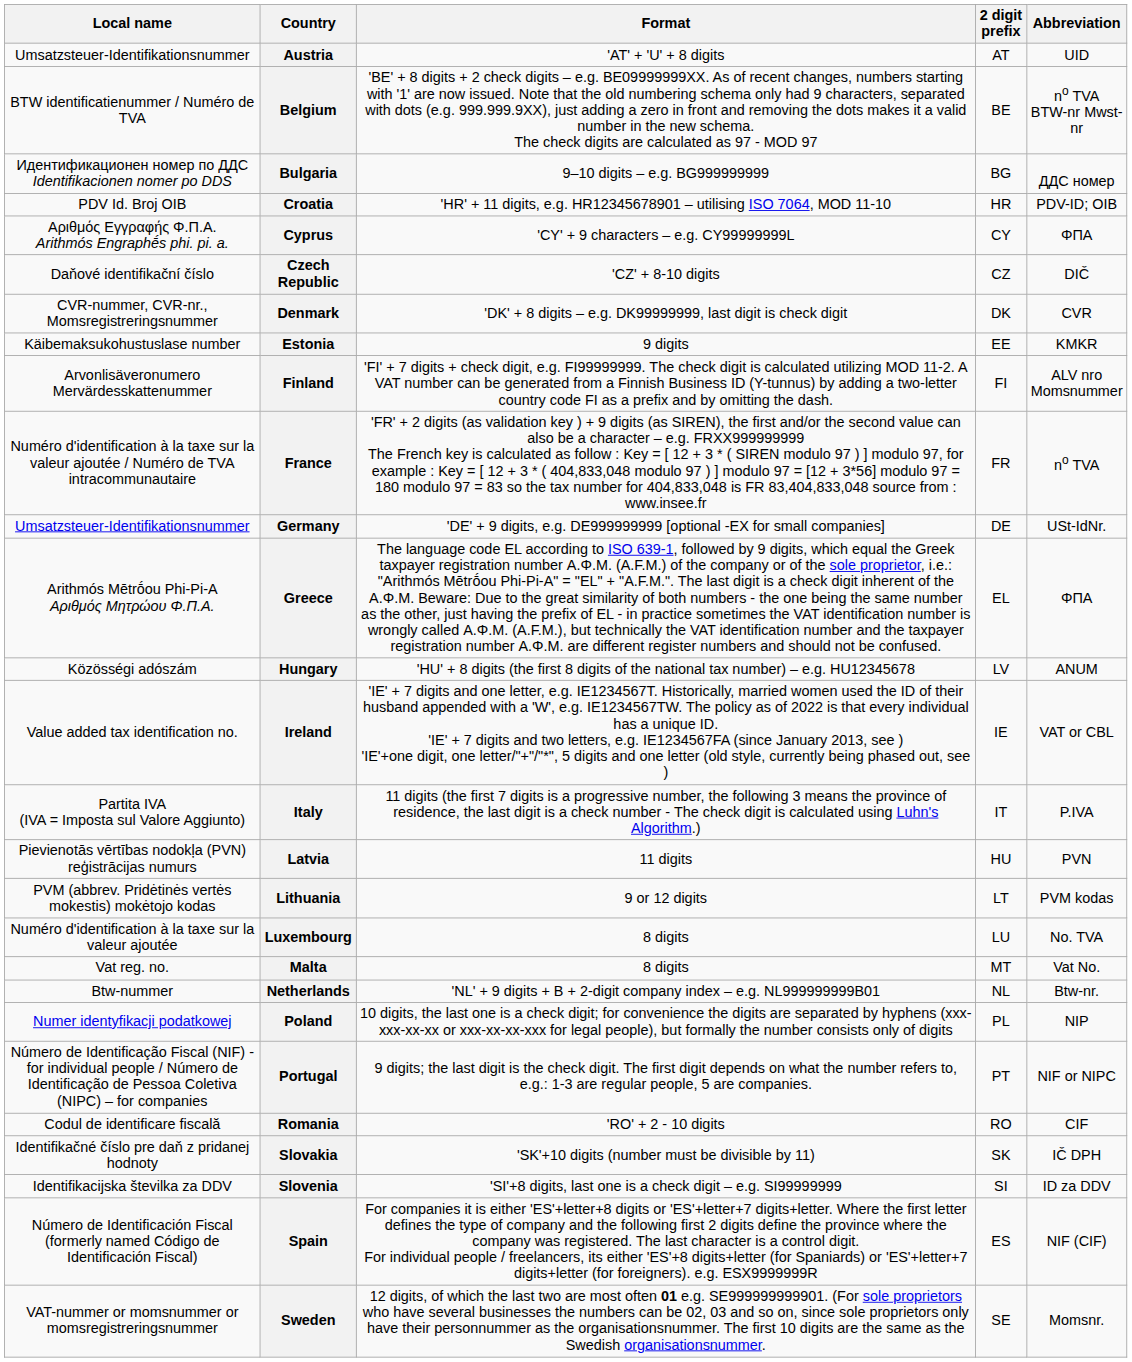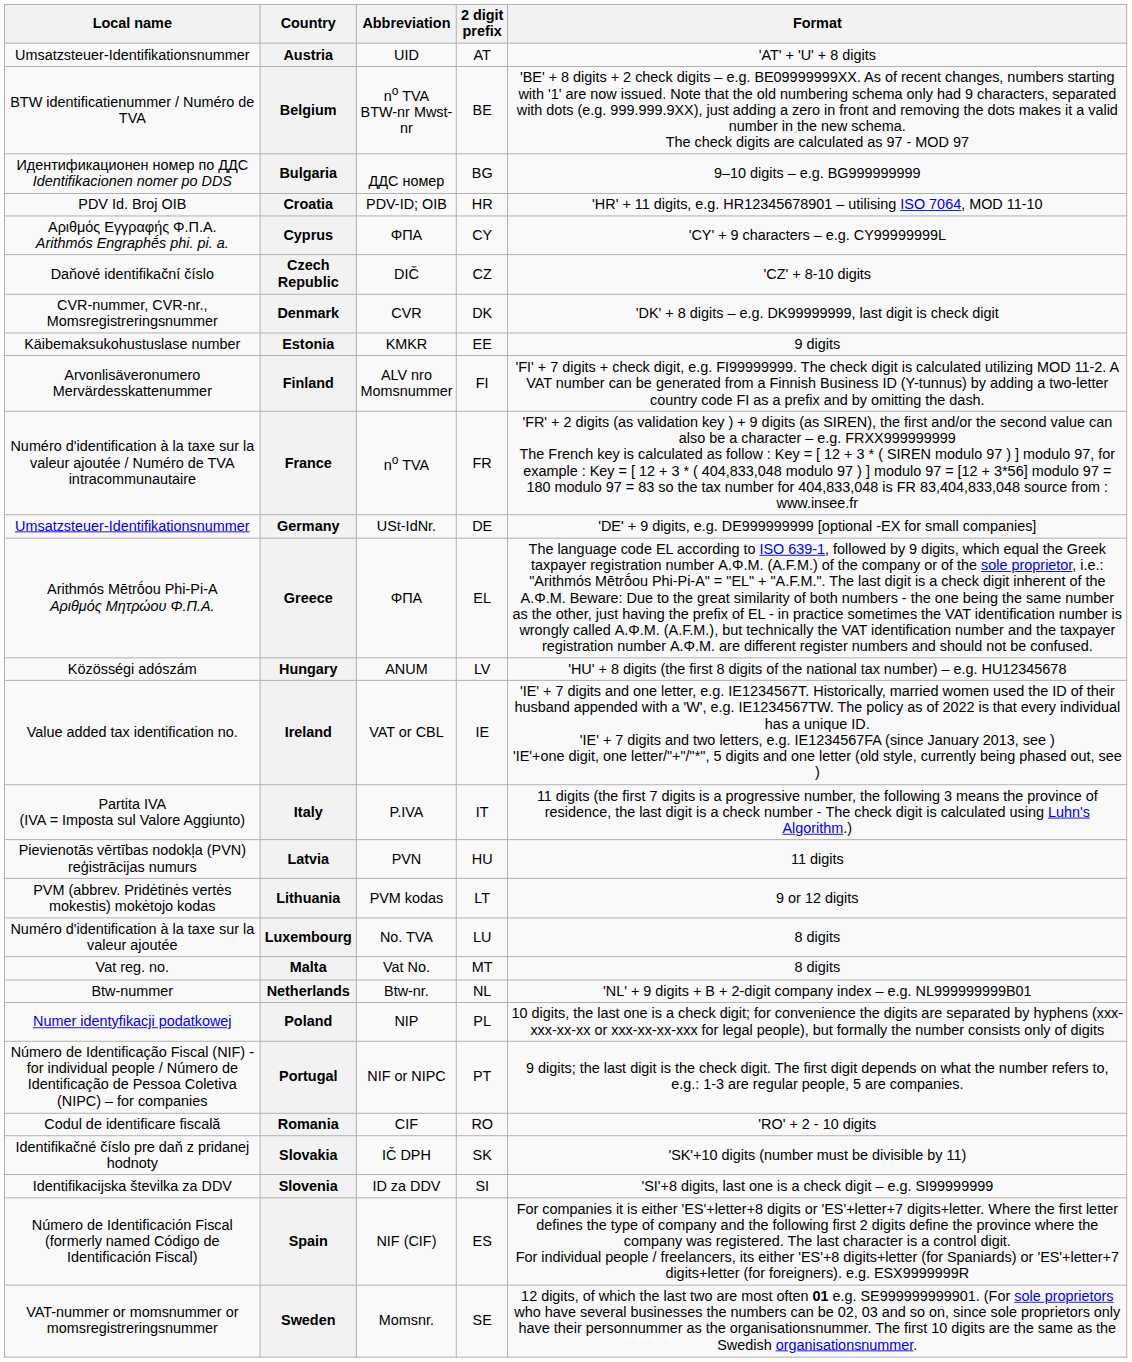 <table class="wikitable sortable" style="text-align: center;">
 <tr>
 <th>Local name</th>
 <th>Country</th>
+<th>Abbreviation</th>
+<th>2 digit prefix</th>
 <th class=unsortable>Format</th>
-<th>2 digit prefix</th>
-<th>Abbreviation</th>
 </tr>
 <tr>
 <td>Umsatzsteuer-Identifikationsnummer</td>
 <th>Austria</th>
+<td>UID</td>
+<td>AT</td>
 <td>'AT' + 'U' + 8 digits </td>
-<td>AT</td>
-<td>UID</td>
 </tr>
 <tr>
 <td>BTW identificatienummer / Numéro de TVA</td>
 <th>Belgium</th>
+<td>n<sup>o</sup> TVA<br>BTW-nr Mwst-nr</td>
+<td>BE</td>
 <td>'BE' + 8 digits + 2 check digits – e.g. BE09999999XX. As of recent changes, numbers starting with '1' are now issued. Note that the old numbering schema only had 9 characters, separated with dots (e.g. 999.999.9XX), just adding a zero in front and removing the dots makes it a valid number in the new schema.<br>The check digits are calculated as 97 - MOD 97</td>
-<td>BE</td>
-<td>n<sup>o</sup> TVA<br>BTW-nr Mwst-nr</td>
 </tr>
 <tr>
 <td>Идентификационен номер по ДДС<br><em>Identifikacionen nomer po DDS</em></td>
 <th>Bulgaria</th>
+<td><br>ДДС номер</td>
+<td>BG</td>
 <td>9–10 digits – e.g. BG999999999</td>
-<td>BG</td>
-<td><br>ДДС номер</td>
 </tr>
 <tr>
 <td>PDV Id. Broj OIB</td>
 <th>Croatia</th>
+<td>PDV-ID; OIB</td>
+<td>HR</td>
 <td>'HR' + 11 digits, e.g. HR12345678901 – utilising <a href='#'>ISO 7064</a>, MOD 11-10</td>
-<td>HR</td>
-<td>PDV-ID; OIB</td>
 </tr>
 <tr>
 <td>Αριθμός Εγγραφής Φ.Π.Α.<br><em>Arithmós Engraphḗs phi. pi. a.</em></td>
 <th>Cyprus</th>
+<td>ΦΠΑ</td>
+<td>CY</td>
 <td>'CY' + 9 characters – e.g. CY99999999L</td>
-<td>CY</td>
-<td>ΦΠΑ</td>
 </tr>
 <tr>
 <td>Daňové identifikační číslo</td>
 <th>Czech Republic</th>
+<td>DIČ</td>
+<td>CZ</td>
 <td>'CZ' + 8-10 digits</td>
-<td>CZ</td>
-<td>DIČ</td>
 </tr>
 <tr>
 <td>CVR-nummer, CVR-nr., Momsregistreringsnummer</td>
 <th>Denmark</th>
+<td>CVR</td>
+<td>DK</td>
 <td>'DK' + 8 digits – e.g. DK99999999, last digit is check digit</td>
-<td>DK</td>
-<td>CVR</td>
 </tr>
 <tr>
 <td>Käibemaksukohustuslase number</td>
 <th>Estonia</th>
+<td>KMKR</td>
+<td>EE</td>
 <td>9 digits</td>
-<td>EE</td>
-<td>KMKR</td>
 </tr>
 <tr>
 <td>Arvonlisäveronumero<br>Mervärdesskattenummer</td>
 <th>Finland</th>
+<td>ALV nro<br>Momsnummer</td>
+<td>FI</td>
 <td>'FI' + 7 digits + check digit, e.g. FI99999999. The check digit is calculated utilizing MOD 11-2. A VAT number can be generated from a Finnish Business ID (Y-tunnus) by adding a two-letter country code FI as a prefix and by omitting the dash.</td>
-<td>FI</td>
-<td>ALV nro<br>Momsnummer</td>
 </tr>
 <tr>
 <td>Numéro d'identification à la taxe sur la valeur ajoutée / Numéro de TVA intracommunautaire</td>
 <th>France</th>
+<td>n<sup>o</sup> TVA</td>
+<td>FR</td>
 <td>'FR' + 2 digits (as validation key ) + 9 digits (as SIREN), the first and/or the second value can also be a character – e.g. FRXX999999999<br>The French key is calculated as follow : Key = [ 12 + 3 * ( SIREN modulo 97 ) ] modulo 97,						 for example  :						 Key = [ 12 + 3 * ( 404,833,048 modulo 97 ) ] modulo 97 = [12 + 3*56] modulo 97 = 180 modulo 97 = 83 so the tax number for 404,833,048 is FR 83,404,833,048					 source from : www.insee.fr</td>
-<td>FR</td>
-<td>n<sup>o</sup> TVA</td>
 </tr>
 <tr>
 <td><a href='#'>Umsatzsteuer-Identifikationsnummer</a></td>
 <th>Germany</th>
+<td>USt-IdNr.</td>
+<td>DE</td>
 <td>'DE' + 9 digits, e.g. DE999999999 [optional -EX for small companies]</td>
-<td>DE</td>
-<td>USt-IdNr.</td>
 </tr>
 <tr>
 <td>Arithmós Mētrṓou Phi-Pi-A<br><em>Αριθμός Μητρώου Φ.Π.Α.</em></td>
 <th>Greece</th>
+<td>ΦΠΑ</td>
+<td>EL</td>
 <td>The language code EL according to <a href='#'>ISO 639-1</a>, followed by 9 digits, which equal the Greek taxpayer registration number Α.Φ.Μ. (A.F.M.) of the company or of the <a href='#'>sole proprietor</a>, i.e.: "Arithmós Mētrṓou Phi-Pi-A" = "EL" + "A.F.M.". The last digit is a check digit inherent of the Α.Φ.Μ. Beware: Due to the great similarity of both numbers - the one being the same number as the other, just having the prefix of EL - in practice sometimes the VAT identification number is wrongly called Α.Φ.Μ. (A.F.M.), but technically the VAT identification number and the taxpayer registration number Α.Φ.Μ. are different register numbers and should not be confused.</td>
-<td>EL</td>
-<td>ΦΠΑ</td>
 </tr>
 <tr>
 <td>Közösségi adószám</td>
 <th>Hungary</th>
+<td>ANUM</td>
+<td>LV</td>
 <td>'HU' + 8 digits (the first 8 digits of the national tax number) – e.g. HU12345678</td>
-<td>LV</td>
-<td>ANUM</td>
 </tr>
 <tr>
 <td>Value added tax identification no.</td>
 <th>Ireland</th>
+<td>VAT or CBL</td>
+<td>IE</td>
 <td>'IE' + 7 digits and one letter, e.g. IE1234567T. Historically, married women used the ID of their husband appended with a 'W', e.g. IE1234567TW. The policy as of 2022 is that every individual has a unique ID.<br>'IE' + 7 digits and two letters, e.g. IE1234567FA (since January 2013, see )<br> 'IE'+one digit, one letter/"+"/"*", 5 digits and one letter (old style, currently being phased out, see )</td>
-<td>IE</td>
-<td>VAT or CBL</td>
 </tr>
 <tr>
 <td>Partita IVA<br>(IVA = Imposta sul Valore Aggiunto)</td>
 <th>Italy</th>
+<td>P.IVA</td>
+<td>IT</td>
 <td>11 digits (the first 7 digits is a progressive number, the following 3 means the province of residence, the last digit is a check number - The check digit is calculated using <a href='#'>Luhn's Algorithm</a>.) </td>
-<td>IT</td>
-<td>P.IVA</td>
 </tr>
 <tr>
 <td>Pievienotās vērtības nodokļa (PVN) reģistrācijas numurs</td>
 <th>Latvia</th>
+<td>PVN</td>
+<td>HU</td>
 <td>11 digits</td>
-<td>HU</td>
-<td>PVN</td>
 </tr>
 <tr>
 <td>PVM (abbrev. Pridėtinės vertės mokestis) mokėtojo kodas</td>
 <th>Lithuania</th>
+<td>PVM kodas</td>
+<td>LT</td>
 <td>9 or 12 digits</td>
-<td>LT</td>
-<td>PVM kodas</td>
 </tr>
 <tr>
 <td>Numéro d'identification à la taxe sur la valeur ajoutée</td>
 <th>Luxembourg</th>
+<td>No. TVA</td>
+<td>LU</td>
 <td>8 digits</td>
-<td>LU</td>
-<td>No. TVA</td>
 </tr>
 <tr>
 <td>Vat reg. no.</td>
 <th>Malta</th>
+<td>Vat No.</td>
+<td>MT</td>
 <td>8 digits</td>
-<td>MT</td>
-<td>Vat No.</td>
 </tr>
 <tr>
 <td>Btw-nummer</td>
 <th>Netherlands</th>
+<td>Btw-nr.</td>
+<td>NL</td>
 <td>'NL' + 9 digits + B + 2-digit company index – e.g. NL999999999B01</td>
-<td>NL</td>
-<td>Btw-nr.</td>
 </tr>
 <tr>
 <td><a href='#'>Numer identyfikacji podatkowej</a></td>
 <th>Poland</th>
+<td>NIP</td>
+<td>PL</td>
 <td>10 digits, the last one is a check digit; for convenience the digits are separated by hyphens (xxx-xxx-xx-xx or xxx-xx-xx-xxx for legal people), but formally the number consists only of digits</td>
-<td>PL</td>
-<td>NIP</td>
 </tr>
 <tr>
 <td>Número de Identificação Fiscal (NIF) - for individual people / Número de Identificação de Pessoa Coletiva (NIPC) – for companies</td>
 <th>Portugal</th>
+<td>NIF or NIPC</td>
+<td>PT</td>
 <td>9 digits; the last digit is the check digit. The first digit depends on what the number refers to, e.g.: 1-3 are regular people, 5 are companies.</td>
-<td>PT</td>
-<td>NIF or NIPC</td>
 </tr>
 <tr>
 <td>Codul de identificare fiscală</td>
 <th>Romania</th>
+<td>CIF</td>
+<td>RO</td>
 <td>'RO' + 2 - 10 digits</td>
-<td>RO</td>
-<td>CIF</td>
 </tr>
 <tr>
 <td>Identifikačné číslo pre daň z pridanej hodnoty</td>
 <th>Slovakia</th>
+<td>IČ DPH</td>
+<td>SK</td>
 <td>'SK'+10 digits (number must be divisible by 11)</td>
-<td>SK</td>
-<td>IČ DPH</td>
 </tr>
 <tr>
 <td>Identifikacijska številka za DDV</td>
 <th>Slovenia</th>
+<td>ID za DDV</td>
+<td>SI</td>
 <td>'SI'+8 digits, last one is a check digit – e.g. SI99999999</td>
-<td>SI</td>
-<td>ID za DDV</td>
 </tr>
 <tr>
 <td>Número de Identificación Fiscal (formerly named Código de Identificación Fiscal)</td>
 <th>Spain</th>
+<td>NIF (CIF)</td>
+<td>ES</td>
 <td>For companies it is either 'ES'+letter+8 digits or 'ES'+letter+7 digits+letter. Where the first letter defines the type of company and the following first 2 digits define the province where the company was registered. The last character is a control digit.<br>For individual people / freelancers, its either 'ES'+8 digits+letter (for Spaniards) or 'ES'+letter+7 digits+letter (for foreigners). e.g. ESX9999999R</td>
-<td>ES</td>
-<td>NIF (CIF)</td>
 </tr>
 <tr>
 <td>VAT-nummer or momsnummer or momsregistreringsnummer</td>
 <th>Sweden</th>
+<td>Momsnr.</td>
+<td>SE</td>
 <td>12 digits, of which the last two are most often <strong>01</strong> e.g. SE999999999901. (For <a href='#'>sole proprietors</a> who have several businesses the numbers can be  02, 03 and so on, since sole proprietors only have their personnummer as the organisationsnummer. The first 10 digits are the same as the Swedish <a href='#'>organisationsnummer</a>.</td>
-<td>SE</td>
-<td>Momsnr.</td>
 </tr>
 </table>
